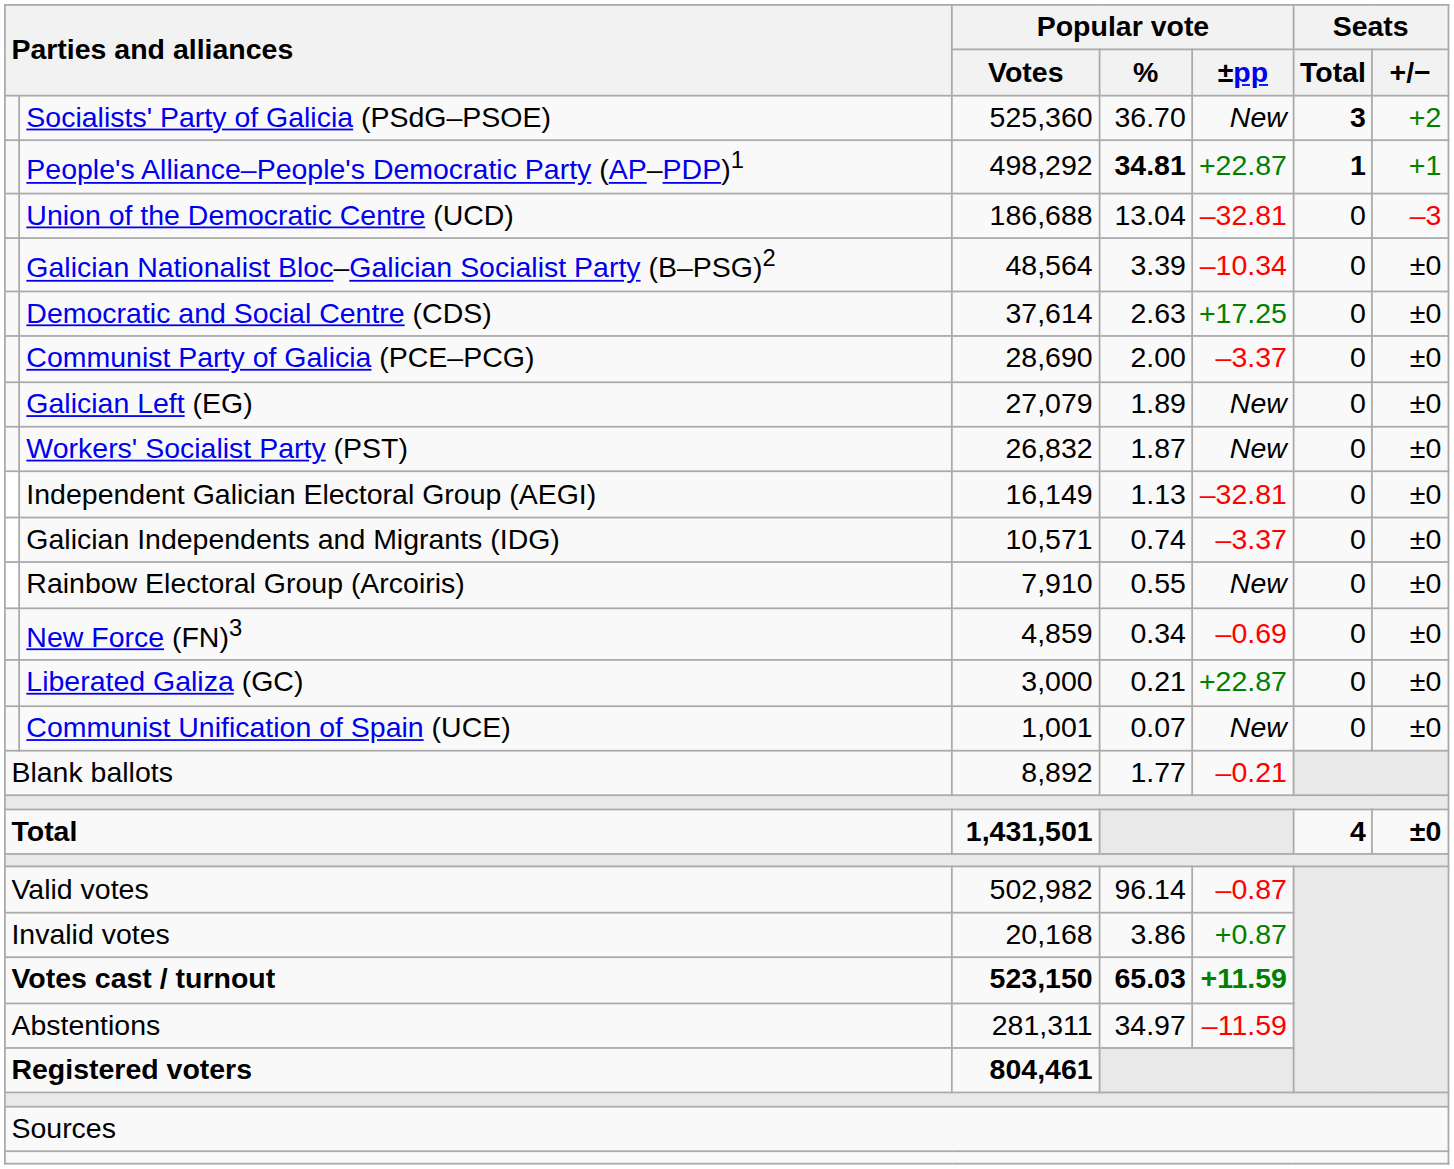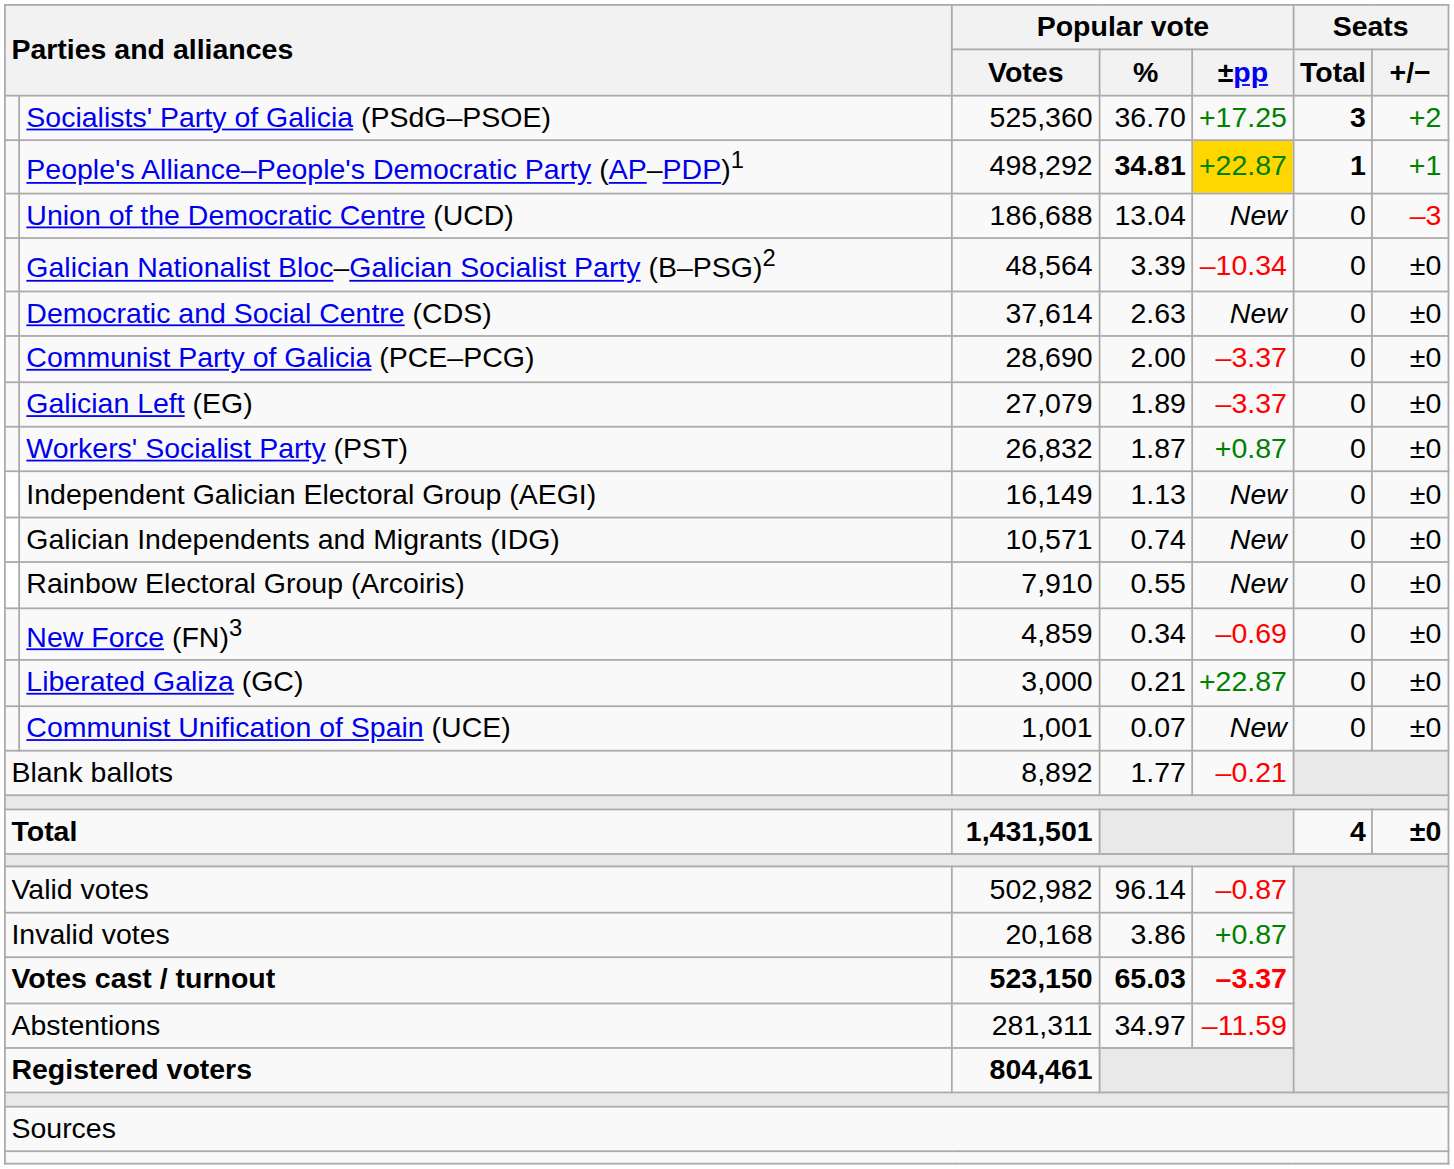 <table class="wikitable" style="text-align:right;">
 <tr>
 <th style="text-align:left;" rowspan="2" colspan="2" width="525">Parties and alliances</th>
 <th colspan="3">Popular vote</th>
 <th colspan="2">Seats</th>
 </tr>
 <tr>
 <th width="75">Votes</th>
 <th width="45">%</th>
 <th width="45">±<a href='#'>pp</a></th>
 <th width="35">Total</th>
 <th width="35">+/−</th>
 </tr>
 <tr>
 <td width="1" style="color:inherit;background:"></td>
 <td align="left"><a href='#'>Socialists' Party of Galicia</a> (PSdG–PSOE)</td>
 <td>525,360</td>
 <td>36.70</td>
-<td><em>New</em></td>
+<td style="color:green;">+17.25</td>
 <td><strong>3</strong></td>
 <td style="color:green;">+2</td>
 </tr>
 <tr>
 <td style="color:inherit;background:"></td>
 <td align="left"><a href='#'>People's Alliance–People's Democratic Party</a> (<a href='#'>AP</a>–<a href='#'>PDP</a>)<sup>1</sup></td>
 <td>498,292</td>
 <td><strong>34.81</strong></td>
-<td style="color:green;">+22.87</td>
+<td style="background: gold; color:green;">+22.87</td>
 <td><strong>1</strong></td>
 <td style="color:green;">+1</td>
 </tr>
 <tr>
 <td style="color:inherit;background:"></td>
 <td align="left"><a href='#'>Union of the Democratic Centre</a> (UCD)</td>
 <td>186,688</td>
 <td>13.04</td>
-<td style="color:red;">–32.81</td>
+<td><em>New</em></td>
 <td>0</td>
 <td style="color:red;">–3</td>
 </tr>
 <tr>
 <td style="color:inherit;background:"></td>
 <td align="left"><a href='#'>Galician Nationalist Bloc</a>–<a href='#'>Galician Socialist Party</a> (B–PSG)<sup>2</sup></td>
 <td>48,564</td>
 <td>3.39</td>
 <td style="color:red;">–10.34</td>
 <td>0</td>
 <td>±0</td>
 </tr>
 <tr>
 <td style="color:inherit;background:"></td>
 <td align="left"><a href='#'>Democratic and Social Centre</a> (CDS)</td>
 <td>37,614</td>
 <td>2.63</td>
-<td style="color:green;">+17.25</td>
+<td><em>New</em></td>
 <td>0</td>
 <td>±0</td>
 </tr>
 <tr>
 <td style="color:inherit;background:"></td>
 <td align="left"><a href='#'>Communist Party of Galicia</a> (PCE–PCG)</td>
 <td>28,690</td>
 <td>2.00</td>
 <td style="color:red;">–3.37</td>
 <td>0</td>
 <td>±0</td>
 </tr>
 <tr>
 <td style="color:inherit;background:"></td>
 <td align="left"><a href='#'>Galician Left</a> (EG)</td>
 <td>27,079</td>
 <td>1.89</td>
-<td><em>New</em></td>
+<td style="color:red;">–3.37</td>
 <td>0</td>
 <td>±0</td>
 </tr>
 <tr>
 <td style="color:inherit;background:"></td>
 <td align="left"><a href='#'>Workers' Socialist Party</a> (PST)</td>
 <td>26,832</td>
 <td>1.87</td>
-<td><em>New</em></td>
+<td style="color:green;">+0.87</td>
 <td>0</td>
 <td>±0</td>
 </tr>
 <tr>
 <td bgcolor="white"></td>
 <td align="left">Independent Galician Electoral Group (AEGI)</td>
 <td>16,149</td>
 <td>1.13</td>
-<td style="color:red;">–32.81</td>
+<td><em>New</em></td>
 <td>0</td>
 <td>±0</td>
 </tr>
 <tr>
 <td bgcolor="white"></td>
 <td align="left">Galician Independents and Migrants (IDG)</td>
 <td>10,571</td>
 <td>0.74</td>
-<td style="color:red;">–3.37</td>
+<td><em>New</em></td>
 <td>0</td>
 <td>±0</td>
 </tr>
 <tr>
 <td bgcolor="white"></td>
 <td align="left">Rainbow Electoral Group (Arcoiris)</td>
 <td>7,910</td>
 <td>0.55</td>
 <td><em>New</em></td>
 <td>0</td>
 <td>±0</td>
 </tr>
 <tr>
 <td style="color:inherit;background:"></td>
 <td align="left"><a href='#'>New Force</a> (FN)<sup>3</sup></td>
 <td>4,859</td>
 <td>0.34</td>
 <td style="color:red;">–0.69</td>
 <td>0</td>
 <td>±0</td>
 </tr>
 <tr>
 <td style="color:inherit;background:"></td>
 <td align="left"><a href='#'>Liberated Galiza</a> (GC)</td>
 <td>3,000</td>
 <td>0.21</td>
 <td style="color:green;">+22.87</td>
 <td>0</td>
 <td>±0</td>
 </tr>
 <tr>
 <td style="color:inherit;background:"></td>
 <td align="left"><a href='#'>Communist Unification of Spain</a> (UCE)</td>
 <td>1,001</td>
 <td>0.07</td>
 <td><em>New</em></td>
 <td>0</td>
 <td>±0</td>
 </tr>
 <tr>
 <td align="left" colspan="2">Blank ballots</td>
 <td>8,892</td>
 <td>1.77</td>
 <td style="color:red;">–0.21</td>
 <td bgcolor="#E9E9E9" colspan="2"></td>
 </tr>
 <tr>
 <td colspan="7" bgcolor="#E9E9E9"></td>
 </tr>
 <tr style="font-weight:bold;">
 <td align="left" colspan="2">Total</td>
 <td>1,431,501</td>
 <td bgcolor="#E9E9E9" colspan="2"></td>
 <td>4</td>
 <td>±0</td>
 </tr>
 <tr>
 <td colspan="7" bgcolor="#E9E9E9"></td>
 </tr>
 <tr>
 <td align="left" colspan="2">Valid votes</td>
 <td>502,982</td>
 <td>96.14</td>
 <td style="color:red;">–0.87</td>
 <td bgcolor="#E9E9E9" colspan="2" rowspan="5"></td>
 </tr>
 <tr>
 <td align="left" colspan="2">Invalid votes</td>
 <td>20,168</td>
 <td>3.86</td>
 <td style="color:green;">+0.87</td>
 </tr>
 <tr style="font-weight:bold;">
 <td align="left" colspan="2">Votes cast / turnout</td>
 <td>523,150</td>
 <td>65.03</td>
-<td style="color:green;">+11.59</td>
+<td style="color:red;">–3.37</td>
 </tr>
 <tr>
 <td align="left" colspan="2">Abstentions</td>
 <td>281,311</td>
 <td>34.97</td>
 <td style="color:red;">–11.59</td>
 </tr>
 <tr style="font-weight:bold;">
 <td align="left" colspan="2">Registered voters</td>
 <td>804,461</td>
 <td bgcolor="#E9E9E9" colspan="2"></td>
 </tr>
 <tr>
 <td colspan="7" bgcolor="#E9E9E9"></td>
 </tr>
 <tr>
 <td align="left" colspan="7">Sources</td>
 </tr>
 <tr>
 <td colspan="7" style="text-align:left; max-width:790px;"></td>
 </tr>
 </table>
